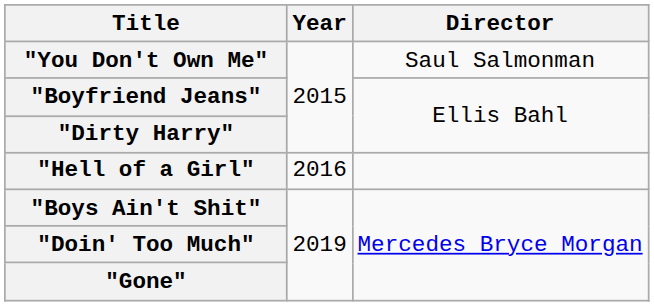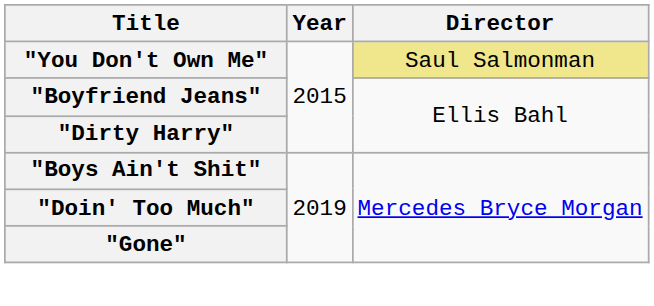 <table class="wikitable plainrowheaders" style="text-align:center;">
 <tr>
 <th scope="col" style="width:12em;">Title</th>
 <th scope="col" style="width:1em;">Year</th>
 <th scope="col">Director</th>
 </tr>
 <tr>
 <th scope="row">"You Don't Own Me"<br></th>
 <td rowspan="3">2015</td>
-<td>Saul Salmonman</td>
+<td style="background: khaki;">Saul Salmonman</td>
 </tr>
 <tr>
 <th scope="row">"Boyfriend Jeans"</th>
 <td rowspan="2">Ellis Bahl</td>
 </tr>
 <tr>
 <th scope="row">"Dirty Harry"</th>
-</tr>
-<tr>
-<th scope="row">"Hell of a Girl"</th>
-<td>2016</td>
-<td></td>
 </tr>
 <tr>
 <th scope="row">"Boys Ain't Shit"</th>
 <td rowspan="3">2019</td>
 <td rowspan="3"><a href='#'>Mercedes Bryce Morgan</a></td>
 </tr>
 <tr>
 <th scope="row">"Doin' Too Much"</th>
 </tr>
 <tr>
 <th scope="row">"Gone"</th>
 </tr>
 </table>
